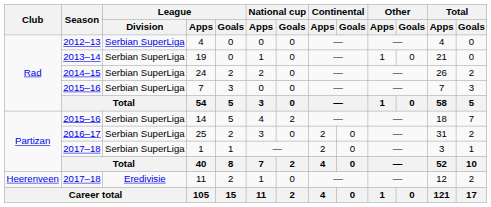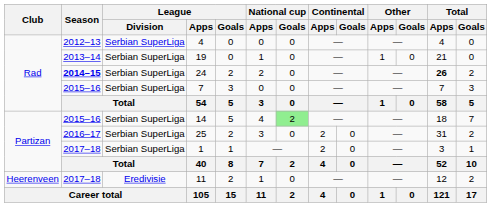 <table class="wikitable" style="text-align: center">
 <tr>
 <th rowspan="2">Club</th>
 <th rowspan="2">Season</th>
 <th colspan="3">League</th>
 <th colspan="2">National cup</th>
 <th colspan="2">Continental</th>
 <th colspan="2">Other</th>
 <th colspan="2">Total</th>
 </tr>
 <tr>
 <th>Division</th>
 <th>Apps</th>
 <th>Goals</th>
 <th>Apps</th>
 <th>Goals</th>
 <th>Apps</th>
 <th>Goals</th>
 <th>Apps</th>
 <th>Goals</th>
 <th>Apps</th>
 <th>Goals</th>
 </tr>
 <tr>
 <td rowspan="5"><a href='#'>Rad</a></td>
 <td><a href='#'>2012–13</a></td>
 <td><a href='#'>Serbian SuperLiga</a></td>
 <td>4</td>
 <td>0</td>
 <td>0</td>
 <td>0</td>
 <td colspan="2">—</td>
 <td colspan="2">—</td>
 <td>4</td>
 <td>0</td>
 </tr>
 <tr>
 <td><a href='#'>2013–14</a></td>
 <td>Serbian SuperLiga</td>
 <td>19</td>
 <td>0</td>
 <td>1</td>
 <td>0</td>
 <td colspan="2">—</td>
 <td>1</td>
 <td>0</td>
 <td>21</td>
 <td>0</td>
 </tr>
 <tr>
-<td><a href='#'>2014–15</a></td>
+<td><strong><a href='#'>2014–15</a></strong></td>
 <td>Serbian SuperLiga</td>
 <td>24</td>
 <td>2</td>
 <td>2</td>
 <td>0</td>
 <td colspan="2">—</td>
 <td colspan="2">—</td>
-<td>26</td>
+<td><strong>26</strong></td>
 <td>2</td>
 </tr>
 <tr>
 <td><a href='#'>2015–16</a></td>
 <td>Serbian SuperLiga</td>
 <td>7</td>
 <td>3</td>
 <td>0</td>
 <td>0</td>
 <td colspan="2">—</td>
 <td colspan="2">—</td>
 <td>7</td>
 <td>3</td>
 </tr>
 <tr>
 <th colspan="2">Total</th>
 <th>54</th>
 <th>5</th>
 <th>3</th>
 <th>0</th>
 <th colspan="2">—</th>
 <th>1</th>
 <th>0</th>
 <th>58</th>
 <th>5</th>
 </tr>
 <tr>
 <td rowspan="4"><a href='#'>Partizan</a></td>
 <td><a href='#'>2015–16</a></td>
 <td>Serbian SuperLiga</td>
 <td>14</td>
 <td>5</td>
 <td>4</td>
-<td>2</td>
+<td style="background: lightgreen;">2</td>
 <td colspan="2">—</td>
 <td colspan="2">—</td>
 <td>18</td>
 <td>7</td>
 </tr>
 <tr>
 <td><a href='#'>2016–17</a></td>
 <td>Serbian SuperLiga</td>
 <td>25</td>
 <td>2</td>
 <td>3</td>
 <td>0</td>
 <td>2</td>
 <td>0</td>
 <td colspan="2">—</td>
 <td>31</td>
 <td>2</td>
 </tr>
 <tr>
 <td><a href='#'>2017–18</a></td>
 <td>Serbian SuperLiga</td>
 <td>1</td>
 <td>1</td>
 <td colspan="2">—</td>
 <td>2</td>
 <td>0</td>
 <td colspan="2">—</td>
 <td>3</td>
 <td>1</td>
 </tr>
 <tr>
 <th colspan="2">Total</th>
 <th>40</th>
 <th>8</th>
 <th>7</th>
 <th>2</th>
 <th>4</th>
 <th>0</th>
 <th colspan="2">—</th>
 <th>52</th>
 <th>10</th>
 </tr>
 <tr>
 <td><a href='#'>Heerenveen</a></td>
 <td><a href='#'>2017–18</a></td>
 <td><a href='#'>Eredivisie</a></td>
 <td>11</td>
 <td>2</td>
 <td>1</td>
 <td>0</td>
 <td colspan="2">—</td>
 <td colspan="2">—</td>
 <td>12</td>
 <td>2</td>
 </tr>
 <tr>
 <th colspan="3">Career total</th>
 <th>105</th>
 <th>15</th>
 <th>11</th>
 <th>2</th>
 <th>4</th>
 <th>0</th>
 <th>1</th>
 <th>0</th>
 <th>121</th>
 <th>17</th>
 </tr>
 </table>
